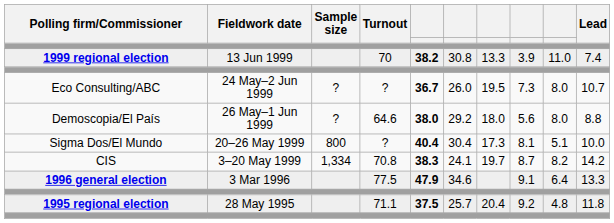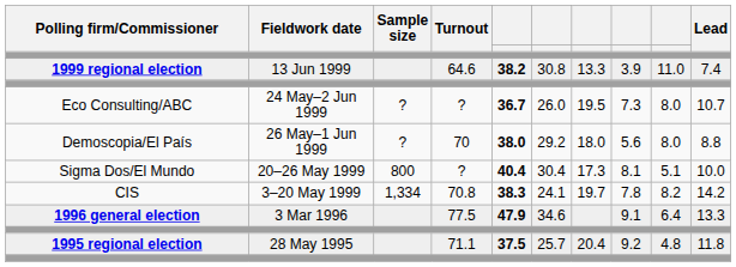 <table class="wikitable collapsible collapsed" style="text-align:center; font-size:95%; line-height:16px;">
 <tr style="height:42px;">
 <th style="width:250px;" rowspan="2">Polling firm/Commissioner</th>
 <th style="width:125px;" rowspan="2">Fieldwork date</th>
 <th style="width:50px;" rowspan="2">Sample size</th>
 <th style="width:45px;" rowspan="2">Turnout</th>
 <th style="width:35px;"></th>
 <th style="width:35px;"></th>
 <th style="width:35px;"></th>
 <th style="width:35px;"></th>
 <th style="width:35px;"></th>
 <th style="width:30px;" rowspan="2">Lead</th>
 </tr>
 <tr>
 <th style="color:inherit;background:"></th>
 <th style="color:inherit;background:"></th>
 <th style="color:inherit;background:"></th>
 <th style="color:inherit;background:"></th>
 <th style="color:inherit;background:"></th>
 </tr>
 <tr>
 <td colspan="10" style="background:#A0A0A0"></td>
 </tr>
 <tr style="background:#EFEFEF;">
 <td><strong><a href='#'>1999 regional election</a></strong></td>
 <td>13 Jun 1999</td>
 <td></td>
-<td>70</td>
+<td>64.6</td>
 <td><strong>38.2</strong><br></td>
 <td>30.8<br></td>
 <td>13.3<br></td>
 <td>3.9<br></td>
 <td>11.0<br></td>
 <td style="background:">7.4</td>
 </tr>
 <tr>
 <td colspan="10" style="background:#A0A0A0"></td>
 </tr>
 <tr>
 <td>Eco Consulting/ABC</td>
 <td>24 May–2 Jun 1999</td>
 <td>?</td>
 <td>?</td>
 <td><strong>36.7</strong><br></td>
 <td>26.0<br></td>
 <td>19.5<br></td>
 <td>7.3<br></td>
 <td>8.0<br></td>
 <td style="background:">10.7</td>
 </tr>
 <tr>
 <td>Demoscopia/El País</td>
 <td>26 May–1 Jun 1999</td>
 <td>?</td>
-<td>64.6</td>
+<td>70</td>
 <td><strong>38.0</strong><br></td>
 <td>29.2<br></td>
 <td>18.0<br></td>
 <td>5.6<br></td>
 <td>8.0<br></td>
 <td style="background:">8.8</td>
 </tr>
 <tr>
 <td>Sigma Dos/El Mundo</td>
 <td>20–26 May 1999</td>
 <td>800</td>
 <td>?</td>
 <td><strong>40.4</strong><br></td>
 <td>30.4<br></td>
 <td>17.3<br></td>
 <td>8.1<br></td>
 <td>5.1<br></td>
 <td style="background:">10.0</td>
 </tr>
 <tr>
 <td>CIS</td>
 <td>3–20 May 1999</td>
 <td>1,334</td>
 <td>70.8</td>
 <td><strong>38.3</strong><br></td>
 <td>24.1<br></td>
 <td>19.7<br></td>
-<td>8.7<br></td>
+<td>7.8<br></td>
 <td>8.2<br></td>
 <td style="background:">14.2</td>
 </tr>
 <tr style="background:#EFEFEF;">
 <td><strong><a href='#'>1996 general election</a></strong></td>
 <td>3 Mar 1996</td>
 <td></td>
 <td>77.5</td>
 <td><strong>47.9</strong><br></td>
 <td>34.6<br></td>
 <td></td>
 <td>9.1<br></td>
 <td>6.4<br></td>
 <td style="background:">13.3</td>
 </tr>
 <tr>
 <td colspan="10" style="background:#A0A0A0"></td>
 </tr>
 <tr style="background:#EFEFEF;">
 <td><strong><a href='#'>1995 regional election</a></strong></td>
 <td>28 May 1995</td>
 <td></td>
 <td>71.1</td>
 <td><strong>37.5</strong><br></td>
 <td>25.7<br></td>
 <td>20.4<br></td>
 <td>9.2<br></td>
 <td>4.8<br></td>
 <td style="background:">11.8</td>
 </tr>
 <tr>
 <td colspan="10" style="background:#A0A0A0"></td>
 </tr>
 </table>
